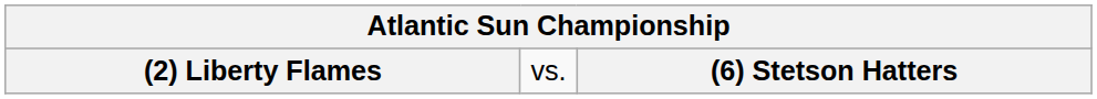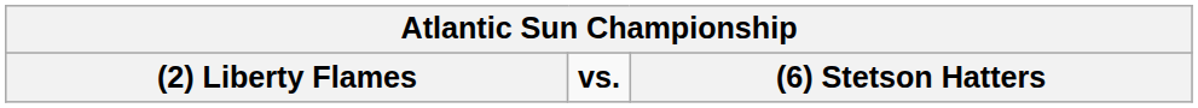 <table class="wikitable">
 <tr>
 <th style="width: 604px;" colspan=3>Atlantic Sun Championship</th>
 </tr>
 <tr>
 <th style="width: 289px; ">(2) Liberty Flames</th>
-<td style="width: 25px; text-align:center">vs.</td>
+<td style="width: 25px; text-align:center"><strong>vs.</strong></td>
 <th style="width: 289px; ">(6) Stetson Hatters</th>
 </tr>
 </table>
